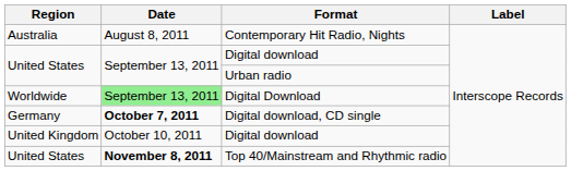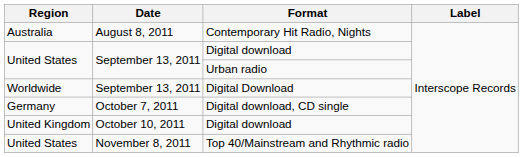 <table class=wikitable>
 <tr>
 <th>Region</th>
 <th>Date</th>
 <th>Format</th>
 <th>Label</th>
 </tr>
 <tr>
 <td>Australia</td>
 <td>August 8, 2011</td>
 <td>Contemporary Hit Radio, Nights</td>
 <td rowspan="7">Interscope Records</td>
 </tr>
 <tr>
 <td rowspan="2">United States</td>
 <td rowspan="2">September 13, 2011</td>
 <td>Digital download</td>
 </tr>
 <tr>
 <td>Urban radio</td>
 </tr>
 <tr>
 <td>Worldwide</td>
-<td style="background: lightgreen;">September 13, 2011</td>
+<td>September 13, 2011</td>
 <td>Digital Download</td>
 </tr>
 <tr>
 <td>Germany</td>
-<td><strong>October 7, 2011</strong></td>
+<td>October 7, 2011</td>
 <td>Digital download, CD single</td>
 </tr>
 <tr>
 <td>United Kingdom</td>
 <td>October 10, 2011</td>
 <td>Digital download</td>
 </tr>
 <tr>
 <td>United States</td>
-<td><strong>November 8, 2011</strong></td>
+<td>November 8, 2011</td>
 <td>Top 40/Mainstream and Rhythmic radio</td>
 </tr>
 </table>
